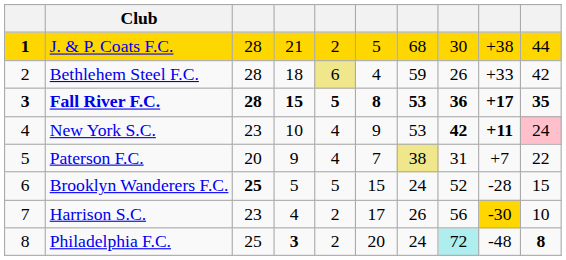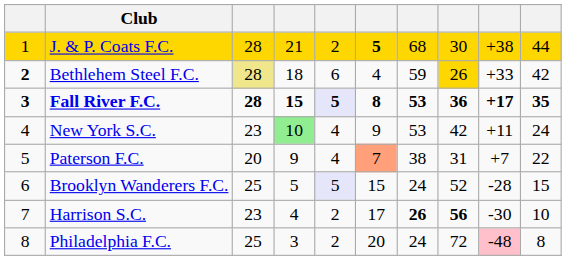 <table class="wikitable" style="text-align:center">
 <tr>
 <th width=30></th>
 <th>Club</th>
 <th width=30></th>
 <th width=30></th>
 <th width=30></th>
 <th width=30></th>
 <th width=30></th>
 <th width=30></th>
 <th width=30></th>
 <th width=30></th>
 </tr>
 <tr bgcolor="gold">
-<td><strong>1</strong></td>
+<td>1</td>
 <td align=left><a href='#'>J. & P. Coats F.C.</a></td>
 <td>28</td>
 <td>21</td>
 <td>2</td>
-<td>5</td>
+<td><strong>5</strong></td>
 <td>68</td>
 <td>30</td>
 <td>+38</td>
 <td>44</td>
 </tr>
 <tr>
-<td>2</td>
+<td><strong>2</strong></td>
 <td align=left><a href='#'>Bethlehem Steel F.C.</a></td>
-<td>28</td>
+<td style="background: khaki;">28</td>
 <td>18</td>
-<td style="background: khaki;">6</td>
+<td>6</td>
 <td>4</td>
 <td>59</td>
-<td>26</td>
+<td style="background: gold;">26</td>
 <td>+33</td>
 <td>42</td>
 </tr>
 <tr>
 <td><strong>3</strong></td>
 <td align=left><strong><a href='#'>Fall River F.C.</a></strong></td>
 <td><strong>28</strong></td>
 <td><strong>15</strong></td>
-<td><strong>5</strong></td>
+<td style="background: lavender;"><strong>5</strong></td>
 <td><strong>8</strong></td>
 <td><strong>53</strong></td>
 <td><strong>36</strong></td>
 <td><strong>+17</strong></td>
 <td><strong>35</strong></td>
 </tr>
 <tr>
 <td>4</td>
 <td align=left><a href='#'>New York S.C.</a></td>
 <td>23</td>
-<td>10</td>
+<td style="background: lightgreen;">10</td>
 <td>4</td>
 <td>9</td>
 <td>53</td>
-<td><strong>42</strong></td>
-<td><strong>+11</strong></td>
-<td style="background: pink;">24</td>
+<td>42</td>
+<td>+11</td>
+<td>24</td>
 </tr>
 <tr>
 <td>5</td>
 <td align=left><a href='#'>Paterson F.C.</a></td>
 <td>20</td>
 <td>9</td>
 <td>4</td>
-<td>7</td>
-<td style="background: khaki;">38</td>
+<td style="background: lightsalmon;">7</td>
+<td>38</td>
 <td>31</td>
 <td>+7</td>
 <td>22</td>
 </tr>
 <tr>
 <td>6</td>
 <td align=left><a href='#'>Brooklyn Wanderers F.C.</a></td>
-<td><strong>25</strong></td>
+<td>25</td>
 <td>5</td>
-<td>5</td>
+<td style="background: lavender;">5</td>
 <td>15</td>
 <td>24</td>
 <td>52</td>
 <td>-28</td>
 <td>15</td>
 </tr>
 <tr>
 <td>7</td>
 <td align=left><a href='#'>Harrison S.C.</a></td>
 <td>23</td>
 <td>4</td>
 <td>2</td>
 <td>17</td>
-<td>26</td>
-<td>56</td>
-<td style="background: gold;">-30</td>
+<td><strong>26</strong></td>
+<td><strong>56</strong></td>
+<td>-30</td>
 <td>10</td>
 </tr>
 <tr>
 <td>8</td>
 <td align=left><a href='#'>Philadelphia F.C.</a></td>
 <td>25</td>
-<td><strong>3</strong></td>
+<td>3</td>
 <td>2</td>
 <td>20</td>
 <td>24</td>
-<td style="background: paleturquoise;">72</td>
-<td>-48</td>
-<td><strong>8</strong></td>
+<td>72</td>
+<td style="background: pink;">-48</td>
+<td>8</td>
 </tr>
 </table>
